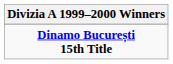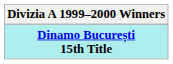 <table class="wikitable" style="text-align: center; margin: 0 auto;">
 <tr>
 <th>Divizia A 1999–2000 Winners</th>
 </tr>
 <tr>
 </tr>
 <tr>
-<td><strong><a href='#'>Dinamo București</a></strong><br><strong>15th Title</strong></td>
+<td style="background: paleturquoise;"><strong><a href='#'>Dinamo București</a></strong><br><strong>15th Title</strong></td>
 </tr>
 </table>
